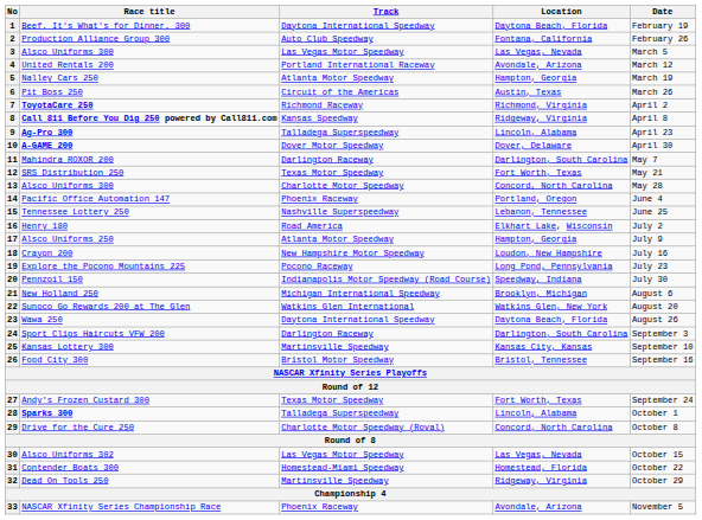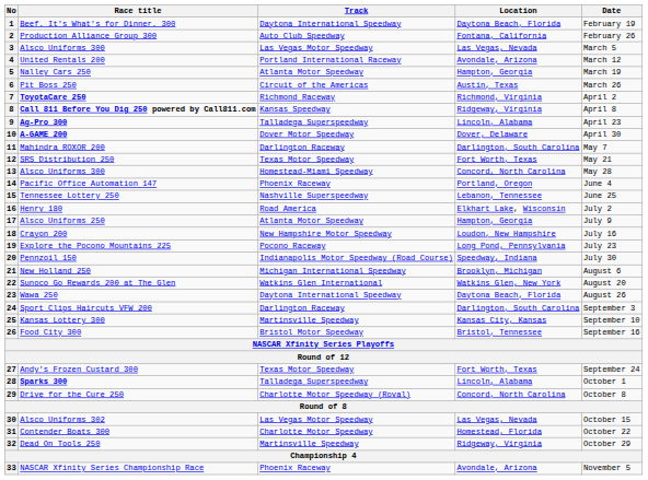 <table class="wikitable" style="font-size:85%">
 <tr>
 <th>No</th>
 <th>Race title</th>
 <th><a href='#'>Track</a></th>
 <th>Location</th>
 <th>Date</th>
 </tr>
 <tr>
 <th>1</th>
 <td><a href='#'>Beef. It's What's for Dinner. 300</a></td>
 <td> <a href='#'>Daytona International Speedway</a></td>
 <td><a href='#'>Daytona Beach, Florida</a></td>
 <td>February 19</td>
 </tr>
 <tr>
 <th>2</th>
 <td><a href='#'>Production Alliance Group 300</a></td>
 <td> <a href='#'>Auto Club Speedway</a></td>
 <td><a href='#'>Fontana, California</a></td>
 <td>February 26</td>
 </tr>
 <tr>
 <th>3</th>
 <td><a href='#'>Alsco Uniforms 300</a></td>
 <td> <a href='#'>Las Vegas Motor Speedway</a></td>
 <td><a href='#'>Las Vegas, Nevada</a></td>
 <td>March 5</td>
 </tr>
 <tr>
 <th>4</th>
 <td><a href='#'>United Rentals 200</a></td>
 <td> <a href='#'>Portland International Raceway</a></td>
 <td><a href='#'>Avondale, Arizona</a></td>
 <td>March 12</td>
 </tr>
 <tr>
 <th>5</th>
 <td><a href='#'>Nalley Cars 250</a></td>
 <td> <a href='#'>Atlanta Motor Speedway</a></td>
 <td><a href='#'>Hampton, Georgia</a></td>
 <td>March 19</td>
 </tr>
 <tr>
 <th>6</th>
 <td><a href='#'>Pit Boss 250</a></td>
 <td> <a href='#'>Circuit of the Americas</a></td>
 <td><a href='#'>Austin, Texas</a></td>
 <td>March 26</td>
 </tr>
 <tr>
 <th>7</th>
 <td><strong><a href='#'>ToyotaCare 250</a></strong></td>
 <td> <a href='#'>Richmond Raceway</a></td>
 <td><a href='#'>Richmond, Virginia</a></td>
 <td>April 2</td>
 </tr>
 <tr>
 <th>8</th>
 <td><strong><a href='#'>Call 811 Before You Dig 250</a> powered by Call811.com</strong></td>
 <td> <a href='#'>Kansas Speedway</a></td>
 <td><a href='#'>Ridgeway, Virginia</a></td>
 <td>April 8</td>
 </tr>
 <tr>
 <th>9</th>
 <td><strong><a href='#'>Ag-Pro 300</a></strong></td>
 <td><a href='#'>Talladega Superspeedway</a></td>
 <td><a href='#'>Lincoln, Alabama</a></td>
 <td>April 23</td>
 </tr>
 <tr>
 <th>10</th>
 <td><strong><a href='#'>A-GAME 200</a></strong></td>
 <td><a href='#'>Dover Motor Speedway</a></td>
 <td><a href='#'>Dover, Delaware</a></td>
 <td>April 30</td>
 </tr>
 <tr>
 <th>11</th>
 <td><a href='#'>Mahindra ROXOR 200</a></td>
 <td> <a href='#'>Darlington Raceway</a></td>
 <td><a href='#'>Darlington, South Carolina</a></td>
 <td>May 7</td>
 </tr>
 <tr>
 <th>12</th>
 <td><a href='#'>SRS Distribution 250</a></td>
 <td> <a href='#'>Texas Motor Speedway</a></td>
 <td><a href='#'>Fort Worth, Texas</a></td>
 <td>May 21</td>
 </tr>
 <tr>
 <th>13</th>
 <td><a href='#'>Alsco Uniforms 300</a></td>
-<td> <a href='#'>Charlotte Motor Speedway</a></td>
+<td> <a href='#'>Homestead-Miami Speedway</a></td>
 <td><a href='#'>Concord, North Carolina</a></td>
 <td>May 28</td>
 </tr>
 <tr>
 <th>14</th>
 <td><a href='#'>Pacific Office Automation 147</a></td>
 <td> <a href='#'>Phoenix Raceway</a></td>
 <td><a href='#'>Portland, Oregon</a></td>
 <td>June 4</td>
 </tr>
 <tr>
 <th>15</th>
 <td><a href='#'>Tennessee Lottery 250</a></td>
 <td> <a href='#'>Nashville Superspeedway</a></td>
 <td><a href='#'>Lebanon, Tennessee</a></td>
 <td>June 25</td>
 </tr>
 <tr>
 <th>16</th>
 <td><a href='#'>Henry 180</a></td>
 <td> <a href='#'>Road America</a></td>
 <td><a href='#'>Elkhart Lake</a>, <a href='#'>Wisconsin</a></td>
 <td>July 2</td>
 </tr>
 <tr>
 <th>17</th>
 <td><a href='#'>Alsco Uniforms 250</a></td>
 <td> <a href='#'>Atlanta Motor Speedway</a></td>
 <td><a href='#'>Hampton, Georgia</a></td>
 <td>July 9</td>
 </tr>
 <tr>
 <th>18</th>
 <td><a href='#'>Crayon 200</a></td>
 <td> <a href='#'>New Hampshire Motor Speedway</a></td>
 <td><a href='#'>Loudon, New Hampshire</a></td>
 <td>July 16</td>
 </tr>
 <tr>
 <th>19</th>
 <td><a href='#'>Explore the Pocono Mountains 225</a></td>
 <td> <a href='#'>Pocono Raceway</a></td>
 <td><a href='#'>Long Pond, Pennsylvania</a></td>
 <td>July 23</td>
 </tr>
 <tr>
 <th>20</th>
 <td><a href='#'>Pennzoil 150</a></td>
 <td> <a href='#'>Indianapolis Motor Speedway (Road Course)</a></td>
 <td><a href='#'>Speedway, Indiana</a></td>
 <td>July 30</td>
 </tr>
 <tr>
 <th>21</th>
 <td><a href='#'>New Holland 250</a></td>
 <td> <a href='#'>Michigan International Speedway</a></td>
 <td><a href='#'>Brooklyn, Michigan</a></td>
 <td>August 6</td>
 </tr>
 <tr>
 <th>22</th>
 <td><a href='#'>Sunoco Go Rewards 200 at The Glen</a></td>
 <td> <a href='#'>Watkins Glen International</a></td>
 <td><a href='#'>Watkins Glen, New York</a></td>
 <td>August 20</td>
 </tr>
 <tr>
 <th>23</th>
 <td><a href='#'>Wawa 250</a></td>
 <td> <a href='#'>Daytona International Speedway</a></td>
 <td><a href='#'>Daytona Beach, Florida</a></td>
 <td>August 26</td>
 </tr>
 <tr>
 <th>24</th>
 <td><a href='#'>Sport Clips Haircuts VFW 200</a></td>
 <td> <a href='#'>Darlington Raceway</a></td>
 <td><a href='#'>Darlington, South Carolina</a></td>
 <td>September 3</td>
 </tr>
 <tr>
 <th>25</th>
 <td><a href='#'>Kansas Lottery 300</a></td>
 <td><a href='#'>Martinsville Speedway</a></td>
 <td><a href='#'>Kansas City, Kansas</a></td>
 <td>September 10</td>
 </tr>
 <tr>
 <th>26</th>
 <td><a href='#'>Food City 300</a></td>
 <td> <a href='#'>Bristol Motor Speedway</a></td>
 <td><a href='#'>Bristol, Tennessee</a></td>
 <td>September 16</td>
 </tr>
 <tr>
 <th colspan=5><a href='#'>NASCAR Xfinity Series Playoffs</a></th>
 </tr>
 <tr>
 <th colspan=5>Round of 12</th>
 </tr>
 <tr>
 <th>27</th>
 <td><a href='#'>Andy's Frozen Custard 300</a></td>
 <td> <a href='#'>Texas Motor Speedway</a></td>
 <td><a href='#'>Fort Worth, Texas</a></td>
 <td>September 24</td>
 </tr>
 <tr>
 <th>28</th>
 <td><strong><a href='#'>Sparks 300</a></strong></td>
 <td> <a href='#'>Talladega Superspeedway</a></td>
 <td><a href='#'>Lincoln, Alabama</a></td>
 <td>October 1</td>
 </tr>
 <tr>
 <th>29</th>
 <td><a href='#'>Drive for the Cure 250</a></td>
 <td> <a href='#'>Charlotte Motor Speedway (Roval)</a></td>
 <td><a href='#'>Concord, North Carolina</a></td>
 <td>October 8</td>
 </tr>
 <tr>
 <th colspan=5>Round of 8</th>
 </tr>
 <tr>
 <th>30</th>
 <td><a href='#'>Alsco Uniforms 302</a></td>
 <td> <a href='#'>Las Vegas Motor Speedway</a></td>
 <td><a href='#'>Las Vegas, Nevada</a></td>
 <td>October 15</td>
 </tr>
 <tr>
 <th>31</th>
 <td><a href='#'>Contender Boats 300</a></td>
-<td> <a href='#'>Homestead-Miami Speedway</a></td>
+<td> <a href='#'>Charlotte Motor Speedway</a></td>
 <td><a href='#'>Homestead, Florida</a></td>
 <td>October 22</td>
 </tr>
 <tr>
 <th>32</th>
 <td><a href='#'>Dead On Tools 250</a></td>
 <td> <a href='#'>Martinsville Speedway</a></td>
 <td><a href='#'>Ridgeway, Virginia</a></td>
 <td>October 29</td>
 </tr>
 <tr>
 <th colspan=5>Championship 4</th>
 </tr>
 <tr>
 <th>33</th>
 <td><a href='#'>NASCAR Xfinity Series Championship Race</a></td>
 <td> <a href='#'>Phoenix Raceway</a></td>
 <td><a href='#'>Avondale, Arizona</a></td>
 <td>November 5</td>
 </tr>
 </table>
